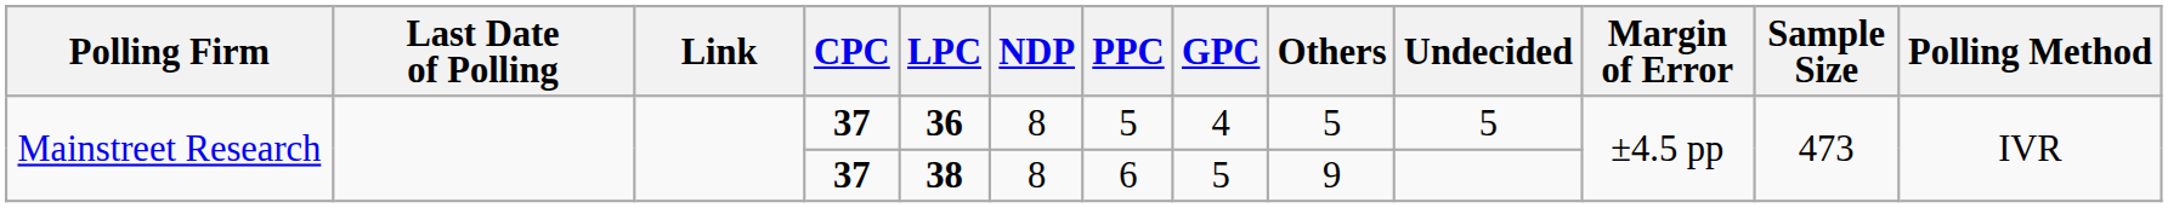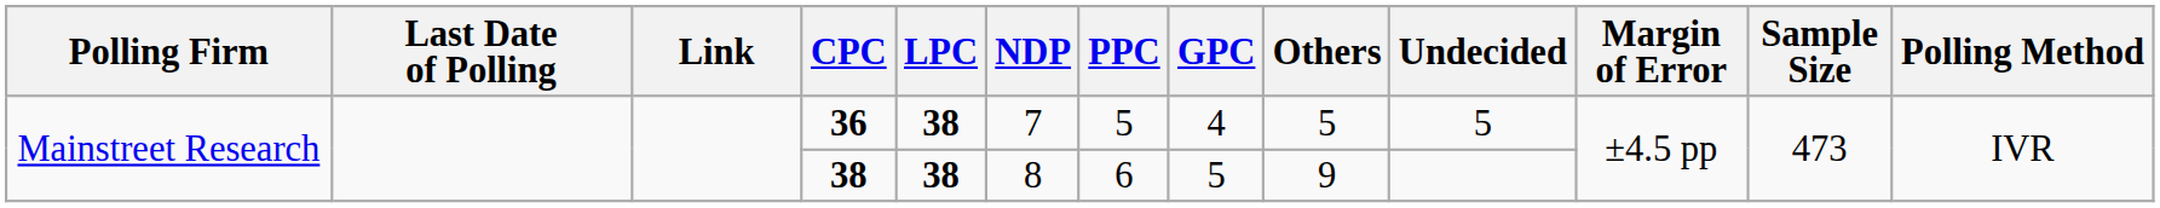 <table class="wikitable sortable" style="text-align:center;font-size:90%;line-height:14px;">
 <tr style="background:#e9e9e9;">
 <th style="width:120px">Polling Firm</th>
 <th style="width:110px">Last Date<br>of Polling</th>
 <th style="width:60px" class="unsortable">Link</th>
 <th style="background-color:"><a href='#'>CPC</a></th>
 <th style="background-color:"><a href='#'>LPC</a></th>
 <th style="background-color:"><a href='#'>NDP</a></th>
 <th style="background-color:"><a href='#'><span>PPC</span></a></th>
 <th style="background-color:"><a href='#'>GPC</a></th>
 <th style="background-color:">Others</th>
 <th style="background-color:">Undecided</th>
 <th style="width:60px;" class=unsortable>Margin<br>of Error</th>
 <th style="width:50px;" class=unsortable>Sample<br>Size</th>
 <th class=unsortable>Polling Method</th>
 </tr>
 <tr>
 <td rowspan="2"><a href='#'>Mainstreet Research</a></td>
 <td rowspan="2"></td>
 <td rowspan="2"></td>
-<td><strong>37</strong></td>
 <td><strong>36</strong></td>
-<td>8</td>
+<td><strong>38</strong></td>
+<td>7</td>
 <td>5</td>
 <td>4</td>
 <td>5</td>
 <td>5</td>
 <td rowspan="2">±4.5 pp</td>
 <td rowspan="2">473</td>
 <td rowspan="2">IVR</td>
 </tr>
 <tr>
-<td><strong>37</strong></td>
+<td><strong>38</strong></td>
 <td><strong>38</strong></td>
 <td>8</td>
 <td>6</td>
 <td>5</td>
 <td>9</td>
 <td></td>
 </tr>
 </table>
